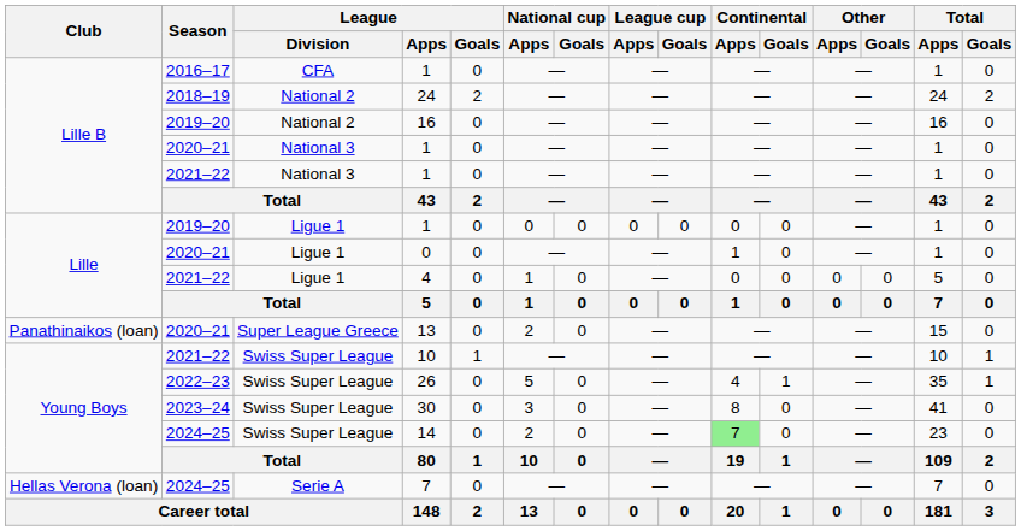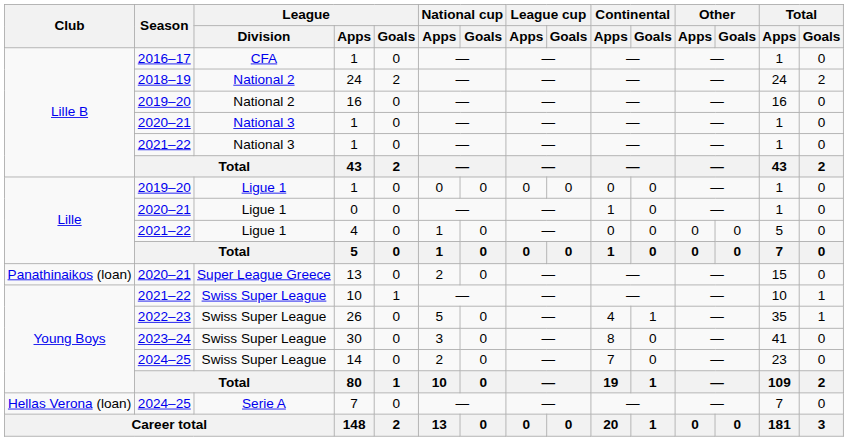 <table class=wikitable style="text-align: center;">
 <tr>
 <th rowspan="2">Club</th>
 <th rowspan="2">Season</th>
 <th colspan="3">League</th>
 <th colspan="2">National cup</th>
 <th colspan="2">League cup</th>
 <th colspan="2">Continental</th>
 <th colspan="2">Other</th>
 <th colspan="2">Total</th>
 </tr>
 <tr>
 <th>Division</th>
 <th>Apps</th>
 <th>Goals</th>
 <th>Apps</th>
 <th>Goals</th>
 <th>Apps</th>
 <th>Goals</th>
 <th>Apps</th>
 <th>Goals</th>
 <th>Apps</th>
 <th>Goals</th>
 <th>Apps</th>
 <th>Goals</th>
 </tr>
 <tr>
 <td rowspan="6"><a href='#'>Lille B</a></td>
 <td><a href='#'>2016–17</a></td>
 <td><a href='#'>CFA</a></td>
 <td>1</td>
 <td>0</td>
 <td colspan="2">—</td>
 <td colspan="2">—</td>
 <td colspan="2">—</td>
 <td colspan="2">—</td>
 <td>1</td>
 <td>0</td>
 </tr>
 <tr>
 <td><a href='#'>2018–19</a></td>
 <td><a href='#'>National 2</a></td>
 <td>24</td>
 <td>2</td>
 <td colspan="2">—</td>
 <td colspan="2">—</td>
 <td colspan="2">—</td>
 <td colspan="2">—</td>
 <td>24</td>
 <td>2</td>
 </tr>
 <tr>
 <td><a href='#'>2019–20</a></td>
 <td>National 2</td>
 <td>16</td>
 <td>0</td>
 <td colspan="2">—</td>
 <td colspan="2">—</td>
 <td colspan="2">—</td>
 <td colspan="2">—</td>
 <td>16</td>
 <td>0</td>
 </tr>
 <tr>
 <td><a href='#'>2020–21</a></td>
 <td><a href='#'>National 3</a></td>
 <td>1</td>
 <td>0</td>
 <td colspan="2">—</td>
 <td colspan="2">—</td>
 <td colspan="2">—</td>
 <td colspan="2">—</td>
 <td>1</td>
 <td>0</td>
 </tr>
 <tr>
 <td><a href='#'>2021–22</a></td>
 <td>National 3</td>
 <td>1</td>
 <td>0</td>
 <td colspan="2">—</td>
 <td colspan="2">—</td>
 <td colspan="2">—</td>
 <td colspan="2">—</td>
 <td>1</td>
 <td>0</td>
 </tr>
 <tr>
 <th colspan="2">Total</th>
 <th>43</th>
 <th>2</th>
 <th colspan="2">—</th>
 <th colspan="2">—</th>
 <th colspan="2">—</th>
 <th colspan="2">—</th>
 <th>43</th>
 <th>2</th>
 </tr>
 <tr>
 <td rowspan="4"><a href='#'>Lille</a></td>
 <td><a href='#'>2019–20</a></td>
 <td><a href='#'>Ligue 1</a></td>
 <td>1</td>
 <td>0</td>
 <td>0</td>
 <td>0</td>
 <td>0</td>
 <td>0</td>
 <td>0</td>
 <td>0</td>
 <td colspan="2">—</td>
 <td>1</td>
 <td>0</td>
 </tr>
 <tr>
 <td><a href='#'>2020–21</a></td>
 <td>Ligue 1</td>
 <td>0</td>
 <td>0</td>
 <td colspan="2">—</td>
 <td colspan="2">—</td>
 <td>1</td>
 <td>0</td>
 <td colspan="2">—</td>
 <td>1</td>
 <td>0</td>
 </tr>
 <tr>
 <td><a href='#'>2021–22</a></td>
 <td>Ligue 1</td>
 <td>4</td>
 <td>0</td>
 <td>1</td>
 <td>0</td>
 <td colspan="2">—</td>
 <td>0</td>
 <td>0</td>
 <td>0</td>
 <td>0</td>
 <td>5</td>
 <td>0</td>
 </tr>
 <tr>
 <th colspan="2">Total</th>
 <th>5</th>
 <th>0</th>
 <th>1</th>
 <th>0</th>
 <th>0</th>
 <th>0</th>
 <th>1</th>
 <th>0</th>
 <th>0</th>
 <th>0</th>
 <th>7</th>
 <th>0</th>
 </tr>
 <tr>
 <td><a href='#'>Panathinaikos</a> (loan)</td>
 <td><a href='#'>2020–21</a></td>
 <td><a href='#'>Super League Greece</a></td>
 <td>13</td>
 <td>0</td>
 <td>2</td>
 <td>0</td>
 <td colspan="2">—</td>
 <td colspan="2">—</td>
 <td colspan="2">—</td>
 <td>15</td>
 <td>0</td>
 </tr>
 <tr>
 <td rowspan="5"><a href='#'>Young Boys</a></td>
 <td><a href='#'>2021–22</a></td>
 <td><a href='#'>Swiss Super League</a></td>
 <td>10</td>
 <td>1</td>
 <td colspan="2">—</td>
 <td colspan="2">—</td>
 <td colspan="2">—</td>
 <td colspan="2">—</td>
 <td>10</td>
 <td>1</td>
 </tr>
 <tr>
 <td><a href='#'>2022–23</a></td>
 <td>Swiss Super League</td>
 <td>26</td>
 <td>0</td>
 <td>5</td>
 <td>0</td>
 <td colspan="2">—</td>
 <td>4</td>
 <td>1</td>
 <td colspan="2">—</td>
 <td>35</td>
 <td>1</td>
 </tr>
 <tr>
 <td><a href='#'>2023–24</a></td>
 <td>Swiss Super League</td>
 <td>30</td>
 <td>0</td>
 <td>3</td>
 <td>0</td>
 <td colspan="2">—</td>
 <td>8</td>
 <td>0</td>
 <td colspan="2">—</td>
 <td>41</td>
 <td>0</td>
 </tr>
 <tr>
 <td><a href='#'>2024–25</a></td>
 <td>Swiss Super League</td>
 <td>14</td>
 <td>0</td>
 <td>2</td>
 <td>0</td>
 <td colspan="2">—</td>
-<td style="background: lightgreen;">7</td>
+<td>7</td>
 <td>0</td>
 <td colspan="2">—</td>
 <td>23</td>
 <td>0</td>
 </tr>
 <tr>
 <th colspan="2">Total</th>
 <th>80</th>
 <th>1</th>
 <th>10</th>
 <th>0</th>
 <th colspan="2">—</th>
 <th>19</th>
 <th>1</th>
 <th colspan="2">—</th>
 <th>109</th>
 <th>2</th>
 </tr>
 <tr>
 <td><a href='#'>Hellas Verona</a> (loan)</td>
 <td><a href='#'>2024–25</a></td>
 <td><a href='#'>Serie A</a></td>
 <td>7</td>
 <td>0</td>
 <td colspan="2">—</td>
 <td colspan="2">—</td>
 <td colspan="2">—</td>
 <td colspan="2">—</td>
 <td>7</td>
 <td>0</td>
 </tr>
 <tr>
 <th colspan="3">Career total</th>
 <th>148</th>
 <th>2</th>
 <th>13</th>
 <th>0</th>
 <th>0</th>
 <th>0</th>
 <th>20</th>
 <th>1</th>
 <th>0</th>
 <th>0</th>
 <th>181</th>
 <th>3</th>
 </tr>
 </table>
